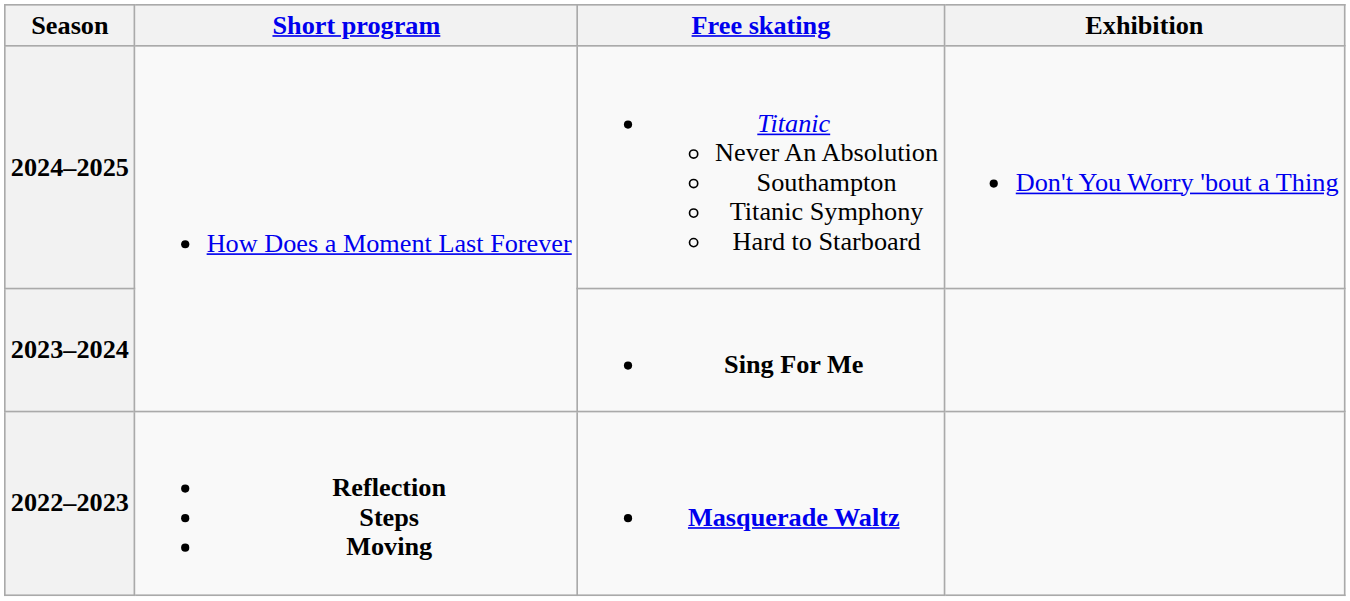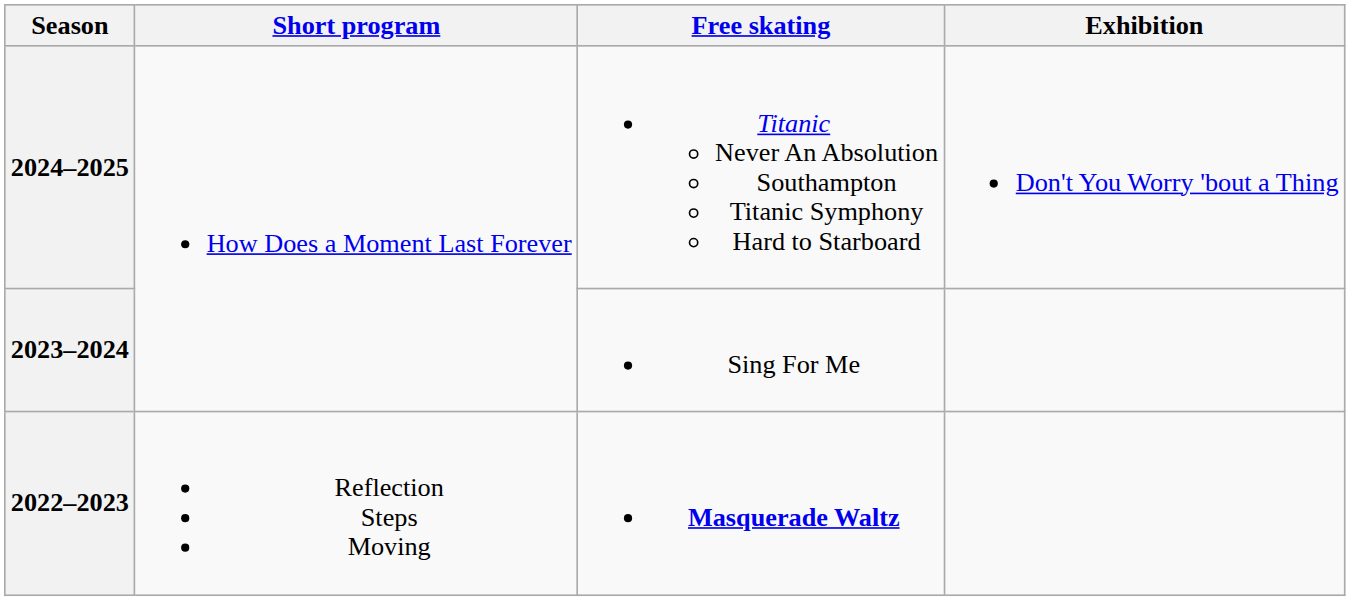 <table class=wikitable style=text-align:center>
 <tr>
 <th>Season</th>
 <th><a href='#'>Short program</a></th>
 <th><a href='#'>Free skating</a></th>
 <th>Exhibition</th>
 </tr>
 <tr>
 <th>2024–2025 <br> </th>
 <td rowspan=2><br><ul><li><a href='#'>How Does a Moment Last Forever</a> <br> </li></ul></td>
 <td><br><ul><li><em><a href='#'>Titanic</a></em><ul><li>Never An Absolution</li><li>Southampton <br> </li><li>Titanic Symphony <br> </li><li>Hard to Starboard <br> </li></ul></li></ul></td>
 <td><br><ul><li><a href='#'>Don't You Worry 'bout a Thing</a> <br> </li></ul></td>
 </tr>
 <tr>
 <th>2023–2024 <br> </th>
-<td><strong><br><ul><li>Sing For Me <br></li></ul></strong></td>
+<td><br><ul><li>Sing For Me <br></li></ul></td>
 <td></td>
 </tr>
 <tr>
 <th>2022–2023 <br> </th>
-<td><strong><br><ul><li>Reflection</li><li>Steps</li><li>Moving <br> </li></ul></strong></td>
+<td><br><ul><li>Reflection</li><li>Steps</li><li>Moving <br> </li></ul></td>
 <td><strong><br><ul><li><a href='#'>Masquerade Waltz</a> <br> </li></ul></strong></td>
 <td></td>
 </tr>
 </table>
